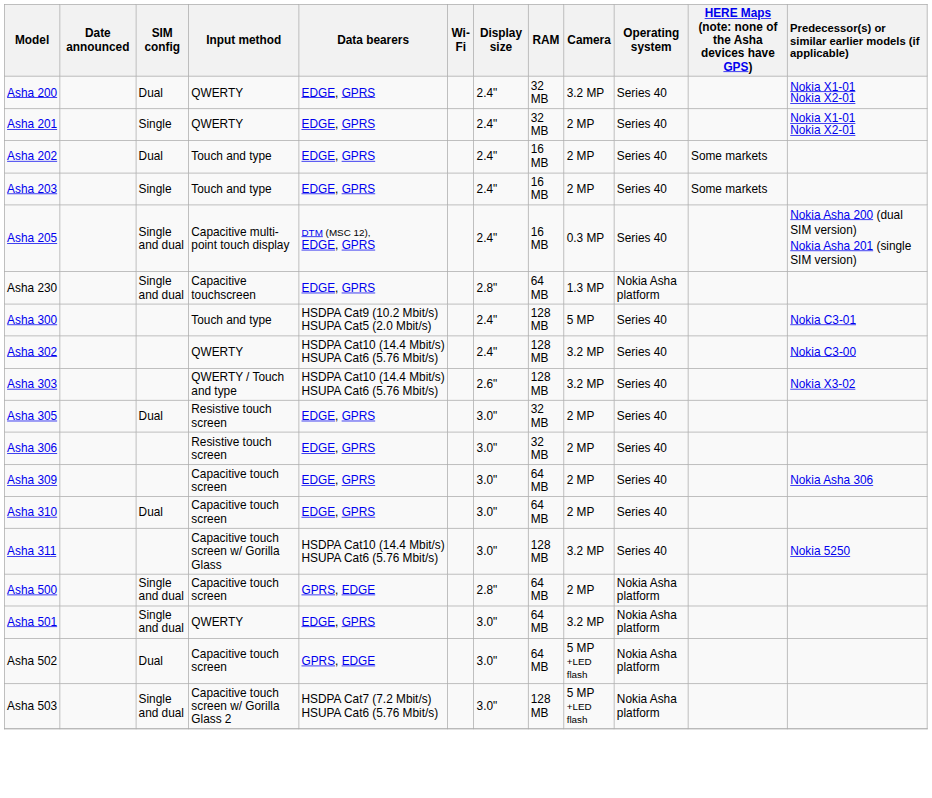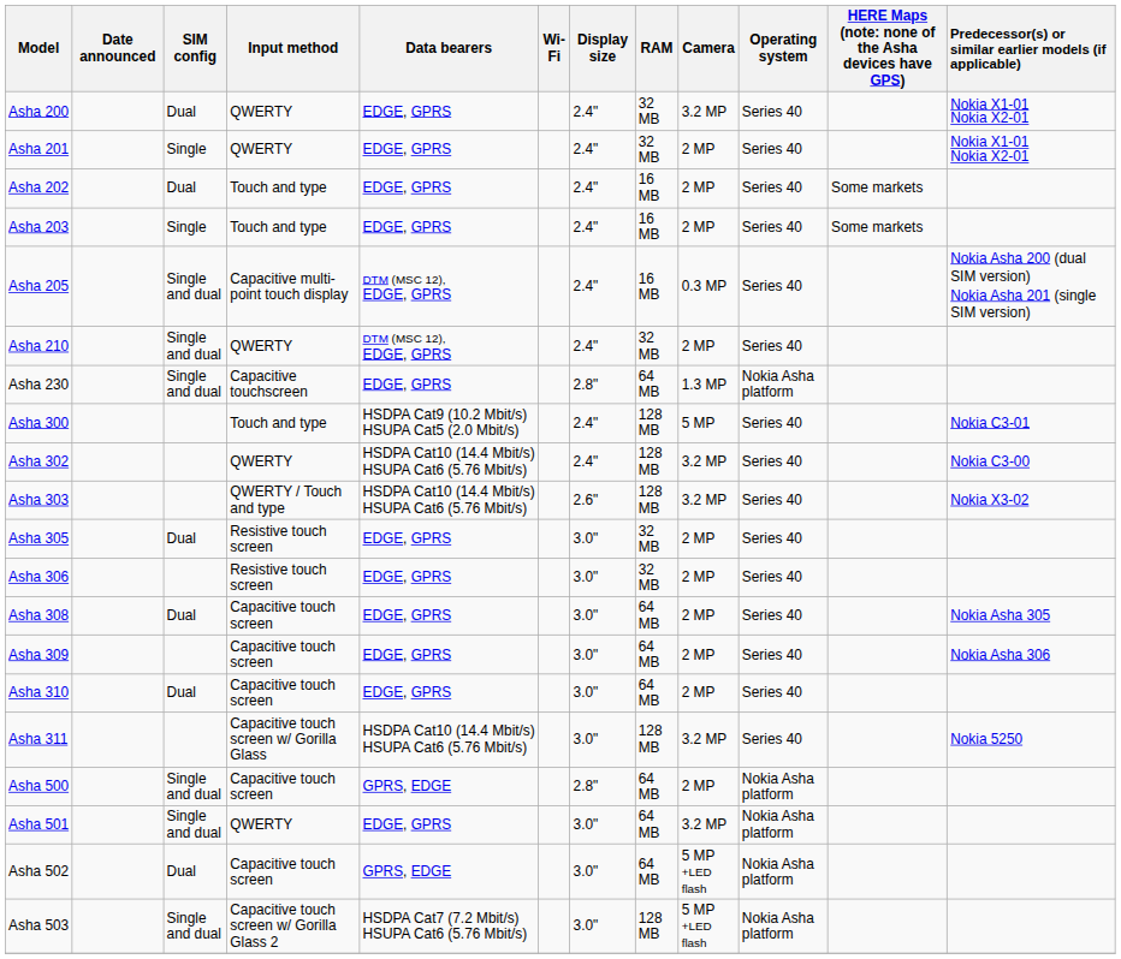 <table class="wikitable sortable">
 <tr>
 <th>Model</th>
 <th>Date announced</th>
 <th><abbr>SIM config</abbr></th>
 <th>Input method</th>
 <th>Data bearers</th>
 <th>Wi-Fi</th>
 <th>Display size</th>
 <th>RAM</th>
 <th>Camera</th>
 <th>Operating system</th>
 <th><a href='#'>HERE Maps</a><br>(note: none of the Asha devices have <a href='#'>GPS</a>)</th>
 <th style="text-align:left; font-weight:500; font-size:95%;"><strong>Predecessor(s) or similar earlier models (if applicable)</strong></th>
 </tr>
 <tr>
 <td nowrap="nowrap"><a href='#'>Asha 200</a></td>
 <td></td>
 <td>Dual</td>
 <td>QWERTY</td>
 <td><a href='#'>EDGE</a>, <a href='#'>GPRS</a></td>
 <td></td>
 <td>2.4"</td>
 <td>32 MB</td>
 <td>3.2 MP</td>
 <td>Series 40</td>
 <td></td>
 <td style="line-height:1em;"><a href='#'>Nokia X1-01</a><br><a href='#'>Nokia X2-01</a></td>
 </tr>
 <tr>
 <td nowrap="nowrap"><a href='#'>Asha 201</a></td>
 <td></td>
 <td>Single</td>
 <td>QWERTY</td>
 <td><a href='#'>EDGE</a>, <a href='#'>GPRS</a></td>
 <td></td>
 <td>2.4"</td>
 <td>32 MB</td>
 <td>2 MP</td>
 <td>Series 40</td>
 <td></td>
 <td style="line-height:1em;"><a href='#'>Nokia X1-01</a><br><a href='#'>Nokia X2-01</a></td>
 </tr>
 <tr>
 <td nowrap="nowrap"><a href='#'>Asha 202</a></td>
 <td></td>
 <td>Dual</td>
 <td>Touch and type</td>
 <td><a href='#'>EDGE</a>, <a href='#'>GPRS</a></td>
 <td></td>
 <td>2.4"</td>
 <td>16 MB</td>
 <td>2 MP</td>
 <td>Series 40</td>
 <td>Some markets</td>
 <td></td>
 </tr>
 <tr>
 <td><a href='#'>Asha 203</a></td>
 <td></td>
 <td>Single</td>
 <td>Touch and type</td>
 <td><a href='#'>EDGE</a>, <a href='#'>GPRS</a></td>
 <td></td>
 <td>2.4"</td>
 <td>16 MB</td>
 <td>2 MP</td>
 <td>Series 40</td>
 <td>Some markets</td>
 <td></td>
 </tr>
 <tr>
 <td><a href='#'>Asha 205</a></td>
 <td></td>
 <td>Single and dual</td>
 <td>Capacitive multi-point touch display</td>
 <td><small><a href='#'>DTM</a> (<abbr>MSC</abbr> 12),</small><br><a href='#'>EDGE</a>, <a href='#'>GPRS</a></td>
 <td></td>
 <td>2.4"</td>
 <td>16 MB</td>
 <td>0.3 MP</td>
 <td>Series 40</td>
 <td></td>
 <td style="line-height:1.3em;"><a href='#'>Nokia Asha 200</a> (dual SIM version)<br><a href='#'>Nokia Asha 201</a> (single SIM version)</td>
 </tr>
 <tr>
+<td><a href='#'>Asha 210</a></td>
+<td></td>
+<td>Single and dual</td>
+<td>QWERTY</td>
+<td><small><a href='#'>DTM</a> (<abbr>MSC</abbr> 12),</small><br><a href='#'>EDGE</a>, <a href='#'>GPRS</a></td>
+<td></td>
+<td>2.4"</td>
+<td>32 MB</td>
+<td>2 MP</td>
+<td>Series 40</td>
+<td></td>
+<td></td>
+</tr>
+<tr>
 <td>Asha 230</td>
 <td></td>
 <td>Single and dual</td>
 <td>Capacitive touchscreen</td>
 <td><a href='#'>EDGE</a>, <a href='#'>GPRS</a></td>
 <td></td>
 <td>2.8"</td>
 <td>64 MB</td>
 <td>1.3 MP</td>
 <td>Nokia Asha platform</td>
 <td></td>
 <td></td>
 </tr>
 <tr>
 <td><a href='#'>Asha 300</a></td>
 <td></td>
 <td></td>
 <td>Touch and type</td>
 <td>HSDPA Cat9 (10.2 Mbit/s)<br>HSUPA Cat5 (2.0 Mbit/s)</td>
 <td></td>
 <td>2.4"</td>
 <td>128 MB</td>
 <td>5 MP</td>
 <td>Series 40</td>
 <td></td>
 <td><a href='#'>Nokia C3-01</a></td>
 </tr>
 <tr>
 <td><a href='#'>Asha 302</a></td>
 <td></td>
 <td></td>
 <td>QWERTY</td>
 <td nowrap="nowrap">HSDPA Cat10 (14.4 Mbit/s)<br>HSUPA Cat6 (5.76 Mbit/s)</td>
 <td></td>
 <td>2.4"</td>
 <td>128 MB</td>
 <td>3.2 MP</td>
 <td>Series 40</td>
 <td></td>
 <td><a href='#'>Nokia C3-00</a></td>
 </tr>
 <tr>
 <td><a href='#'>Asha 303</a></td>
 <td></td>
 <td></td>
 <td>QWERTY / Touch and type</td>
 <td>HSDPA Cat10 (14.4 Mbit/s)<br>HSUPA Cat6 (5.76 Mbit/s)</td>
 <td></td>
 <td>2.6"</td>
 <td>128 MB</td>
 <td>3.2 MP</td>
 <td>Series 40</td>
 <td></td>
 <td><a href='#'>Nokia X3-02</a></td>
 </tr>
 <tr>
 <td><a href='#'>Asha 305</a></td>
 <td></td>
 <td>Dual</td>
 <td>Resistive touch screen</td>
 <td><a href='#'>EDGE</a>, <a href='#'>GPRS</a></td>
 <td></td>
 <td>3.0"</td>
 <td>32 MB</td>
 <td>2 MP</td>
 <td>Series 40</td>
 <td></td>
 <td></td>
 </tr>
 <tr>
 <td><a href='#'>Asha 306</a></td>
 <td></td>
 <td></td>
 <td>Resistive touch screen</td>
 <td><a href='#'>EDGE</a>, <a href='#'>GPRS</a></td>
 <td></td>
 <td>3.0"</td>
 <td>32 MB</td>
 <td>2 MP</td>
 <td>Series 40</td>
 <td></td>
 <td></td>
+</tr>
+<tr>
+<td><a href='#'>Asha 308</a></td>
+<td></td>
+<td>Dual</td>
+<td>Capacitive touch screen</td>
+<td><a href='#'>EDGE</a>, <a href='#'>GPRS</a></td>
+<td></td>
+<td>3.0"</td>
+<td>64 MB</td>
+<td>2 MP</td>
+<td>Series 40</td>
+<td></td>
+<td><a href='#'>Nokia Asha 305</a></td>
 </tr>
 <tr>
 <td><a href='#'>Asha 309</a></td>
 <td></td>
 <td></td>
 <td>Capacitive touch screen</td>
 <td><a href='#'>EDGE</a>, <a href='#'>GPRS</a></td>
 <td></td>
 <td>3.0"</td>
 <td>64 MB</td>
 <td>2 MP</td>
 <td>Series 40</td>
 <td></td>
 <td><a href='#'>Nokia Asha 306</a></td>
 </tr>
 <tr>
 <td><a href='#'>Asha 310</a></td>
 <td></td>
 <td>Dual</td>
 <td>Capacitive touch screen</td>
 <td><a href='#'>EDGE</a>, <a href='#'>GPRS</a></td>
 <td></td>
 <td>3.0"</td>
 <td>64 MB</td>
 <td>2 MP</td>
 <td>Series 40</td>
 <td></td>
 <td></td>
 </tr>
 <tr>
 <td><a href='#'>Asha 311</a></td>
 <td></td>
 <td></td>
 <td>Capacitive touch screen w/ Gorilla Glass</td>
 <td>HSDPA Cat10 (14.4 Mbit/s)<br>HSUPA Cat6 (5.76 Mbit/s)</td>
 <td></td>
 <td>3.0"</td>
 <td>128 MB</td>
 <td>3.2 MP</td>
 <td>Series 40</td>
 <td></td>
 <td><a href='#'>Nokia 5250</a></td>
 </tr>
 <tr>
 <td><a href='#'>Asha 500</a></td>
 <td></td>
 <td>Single and dual</td>
 <td>Capacitive touch screen</td>
 <td><a href='#'>GPRS</a>, <a href='#'>EDGE</a></td>
 <td></td>
 <td>2.8"</td>
 <td>64 MB</td>
 <td>2 MP</td>
 <td>Nokia Asha platform</td>
 <td></td>
 <td></td>
 </tr>
 <tr>
 <td><a href='#'>Asha 501</a></td>
 <td></td>
 <td>Single and dual</td>
 <td>QWERTY</td>
 <td><a href='#'>EDGE</a>, <a href='#'>GPRS</a></td>
 <td></td>
 <td>3.0"</td>
 <td>64 MB</td>
 <td>3.2 MP</td>
 <td>Nokia Asha platform</td>
 <td></td>
 <td></td>
 </tr>
 <tr>
 <td>Asha 502</td>
 <td></td>
 <td>Dual</td>
 <td>Capacitive touch screen</td>
 <td><a href='#'>GPRS</a>, <a href='#'>EDGE</a></td>
 <td></td>
 <td>3.0"</td>
 <td>64 MB</td>
 <td>5 MP<div><small>+LED flash</small></div></td>
 <td>Nokia Asha platform</td>
 <td></td>
 <td></td>
 </tr>
 <tr>
 <td>Asha 503</td>
 <td></td>
 <td>Single and dual</td>
 <td>Capacitive touch screen w/ Gorilla Glass 2</td>
 <td>HSDPA Cat7 (7.2 Mbit/s)<br>HSUPA Cat6 (5.76 Mbit/s)</td>
 <td></td>
 <td>3.0"</td>
 <td>128 MB</td>
 <td>5 MP<div><small>+LED flash</small></div></td>
 <td>Nokia Asha platform</td>
 <td></td>
 <td></td>
 </tr>
 <tr>
 </tr>
 </table>
